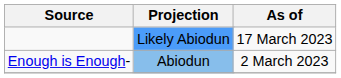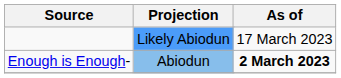 <table class="wikitable" style="text-align:center">
 <tr>
 <th>Source</th>
 <th colspan=2>Projection</th>
 <th>As of</th>
 </tr>
 <tr>
 <td align="left"></td>
 <td colspan=2 bgcolor=#4b9cf9>Likely Abiodun</td>
 <td>17 March 2023</td>
 </tr>
 <tr>
 <td align="left"><a href='#'>Enough is Enough</a>-<br></td>
 <td colspan=2 bgcolor=#87BEEB>Abiodun</td>
-<td>2 March 2023</td>
+<td><strong>2 March 2023</strong></td>
 </tr>
 <tr>
 </tr>
 </table>
